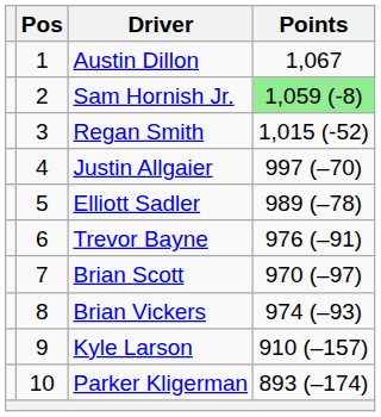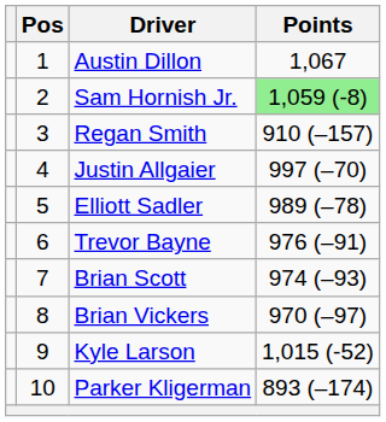 <table class="wikitable" style="font-size: 95%;">
 <tr>
 <th></th>
 <th>Pos</th>
 <th>Driver</th>
 <th>Points</th>
 </tr>
 <tr>
 <td align="left"></td>
 <td style="text-align:center;">1</td>
 <td><a href='#'>Austin Dillon</a></td>
 <td style="text-align:center;">1,067</td>
 </tr>
 <tr>
 <td align="left"></td>
 <td style="text-align:center;">2</td>
 <td><a href='#'>Sam Hornish Jr.</a></td>
 <td style="background: lightgreen; text-align:center;">1,059 (-8)</td>
 </tr>
 <tr>
 <td align="left"></td>
 <td style="text-align:center;">3</td>
 <td><a href='#'>Regan Smith</a></td>
-<td style="text-align:center;">1,015 (-52)</td>
+<td style="text-align:center;">910 (–157)</td>
 </tr>
 <tr>
 <td align="left"></td>
 <td style="text-align:center;">4</td>
 <td><a href='#'>Justin Allgaier</a></td>
 <td style="text-align:center;">997 (–70)</td>
 </tr>
 <tr>
 <td align="left"></td>
 <td style="text-align:center;">5</td>
 <td><a href='#'>Elliott Sadler</a></td>
 <td style="text-align:center;">989 (–78)</td>
 </tr>
 <tr>
 <td align="left"></td>
 <td style="text-align:center;">6</td>
 <td><a href='#'>Trevor Bayne</a></td>
 <td style="text-align:center;">976 (–91)</td>
 </tr>
 <tr>
 <td align="left"></td>
 <td style="text-align:center;">7</td>
 <td><a href='#'>Brian Scott</a></td>
-<td style="text-align:center;">970 (–97)</td>
+<td style="text-align:center;">974 (–93)</td>
 </tr>
 <tr>
 <td align="left"></td>
 <td style="text-align:center;">8</td>
 <td><a href='#'>Brian Vickers</a></td>
-<td style="text-align:center;">974 (–93)</td>
+<td style="text-align:center;">970 (–97)</td>
 </tr>
 <tr>
 <td align="left"></td>
 <td style="text-align:center;">9</td>
 <td><a href='#'>Kyle Larson</a></td>
-<td style="text-align:center;">910 (–157)</td>
+<td style="text-align:center;">1,015 (-52)</td>
 </tr>
 <tr>
 <td align="left"></td>
 <td style="text-align:center;">10</td>
 <td><a href='#'>Parker Kligerman</a></td>
 <td style="text-align:center;">893 (–174)</td>
 </tr>
 <tr class="sortbottom">
 <th colspan="9"></th>
 </tr>
 </table>
